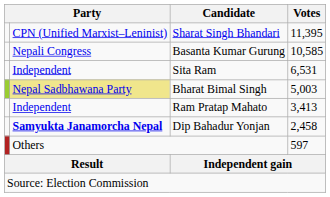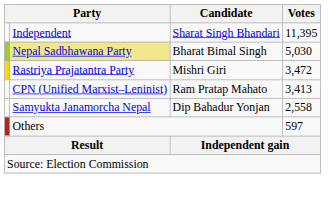 <table class="wikitable">
 <tr>
 <th colspan="2">Party</th>
 <th>Candidate</th>
 <th>Votes</th>
 </tr>
 <tr>
 <td style="background-color:"></td>
-<td><a href='#'>CPN (Unified Marxist–Leninist)</a></td>
+<td><a href='#'>Independent</a></td>
 <td><a href='#'>Sharat Singh Bhandari</a></td>
 <td>11,395</td>
-</tr>
-<tr>
-<td style="background-color:"></td>
-<td><a href='#'>Nepali Congress</a></td>
-<td>Basanta Kumar Gurung</td>
-<td>10,585</td>
-</tr>
-<tr>
-<td style="background-color:"></td>
-<td><a href='#'>Independent</a></td>
-<td>Sita Ram</td>
-<td>6,531</td>
 </tr>
 <tr>
 <td style="background-color:yellowgreen"></td>
 <td style="background: khaki;"><a href='#'>Nepal Sadbhawana Party</a></td>
 <td>Bharat Bimal Singh</td>
-<td>5,003</td>
+<td>5,030</td>
+</tr>
+<tr>
+<td style="background-color:gold"></td>
+<td><a href='#'>Rastriya Prajatantra Party</a></td>
+<td>Mishri Giri</td>
+<td>3,472</td>
 </tr>
 <tr>
 <td style="background-color:"></td>
-<td><a href='#'>Independent</a></td>
+<td><a href='#'>CPN (Unified Marxist–Leninist)</a></td>
 <td>Ram Pratap Mahato</td>
 <td>3,413</td>
 </tr>
 <tr>
 <td></td>
-<td><strong><a href='#'>Samyukta Janamorcha Nepal</a></strong></td>
+<td><a href='#'>Samyukta Janamorcha Nepal</a></td>
 <td>Dip Bahadur Yonjan</td>
-<td>2,458</td>
+<td>2,558</td>
 </tr>
 <tr>
 <td style="background-color:firebrick"></td>
 <td colspan="2">Others</td>
 <td>597</td>
 </tr>
 <tr>
 <th colspan="2">Result</th>
 <th colspan="2">Independent gain</th>
 </tr>
 <tr>
 <td colspan="4">Source: Election Commission</td>
 </tr>
 </table>
